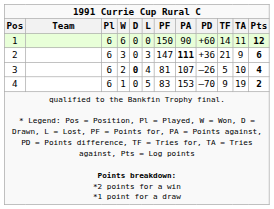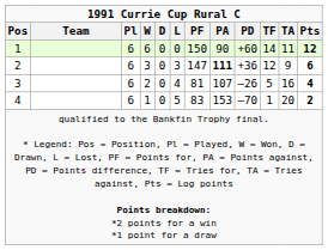 <table class="wikitable" style="text-align:center; line-height:110%; font-size:100%; width:60%;">
 <tr>
 <td colspan="12" cellpadding="0" cellspacing="0"><strong>1991 Currie Cup Rural C</strong></td>
 </tr>
 <tr>
 <th style="width:5%;">Pos</th>
 <th style="width:35%;">Team</th>
 <th style="width:5%;">Pl</th>
 <th style="width:5%;">W</th>
 <th style="width:5%;">D</th>
 <th style="width:5%;">L</th>
 <th style="width:5%;">PF</th>
 <th style="width:5%;">PA</th>
 <th style="width:5%;">PD</th>
 <th style="width:5%;">TF</th>
 <th style="width:5%;">TA</th>
 <th style="width:5%;">Pts<br></th>
 </tr>
 <tr bgcolor=#E8FFD8 align=center>
 <td>1</td>
 <td align=left></td>
 <td>6</td>
 <td>6</td>
 <td>0</td>
 <td>0</td>
 <td>150</td>
 <td>90</td>
 <td>+60</td>
 <td>14</td>
 <td>11</td>
 <td><strong>12</strong></td>
 </tr>
 <tr bgcolor=#FFFFFF align=center>
 <td>2</td>
 <td align=left></td>
 <td>6</td>
 <td>3</td>
 <td>0</td>
 <td>3</td>
 <td>147</td>
 <td><strong>111</strong></td>
 <td>+36</td>
-<td>21</td>
+<td>12</td>
 <td>9</td>
 <td><strong>6</strong></td>
 </tr>
 <tr bgcolor=#FFFFFF align=center>
 <td>3</td>
 <td align=left></td>
 <td>6</td>
 <td>2</td>
-<td><strong>0</strong></td>
+<td>0</td>
 <td>4</td>
 <td>81</td>
 <td>107</td>
 <td>–26</td>
 <td>5</td>
-<td>10</td>
+<td>16</td>
 <td><strong>4</strong></td>
 </tr>
 <tr bgcolor=#FFFFFF align=center>
 <td>4</td>
 <td align=left></td>
 <td>6</td>
 <td>1</td>
 <td>0</td>
 <td>5</td>
 <td>83</td>
 <td>153</td>
 <td>–70</td>
-<td>9</td>
-<td>19</td>
+<td>1</td>
+<td>20</td>
 <td><strong>2</strong></td>
 </tr>
 <tr>
 <td colspan="12" style="border:0px"><small> qualified to the Bankfin Trophy final.<br><br>* Legend: Pos = Position, Pl = Played, W = Won, D = Drawn, L = Lost, PF = Points for, PA = Points against, PD = Points difference, TF = Tries for, TA = Tries against, Pts = Log points<br><br><strong>Points breakdown:</strong><br>*2 points for a win<br>*1 point for a draw</small></td>
 </tr>
 </table>
